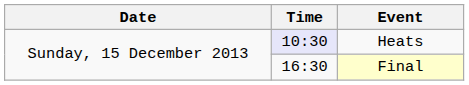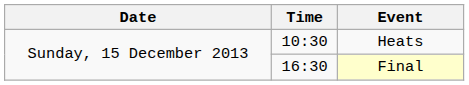 <table class = "wikitable" style="text-align:center;">
 <tr>
 <th width=220>Date</th>
 <th width=50>Time</th>
 <th width=100>Event</th>
 </tr>
 <tr>
 <td rowspan=2>Sunday, 15 December 2013</td>
-<td style="background: lavender;">10:30</td>
+<td>10:30</td>
 <td>Heats</td>
 </tr>
 <tr>
 <td>16:30</td>
 <td bgcolor=ffffcc>Final</td>
 </tr>
 </table>
